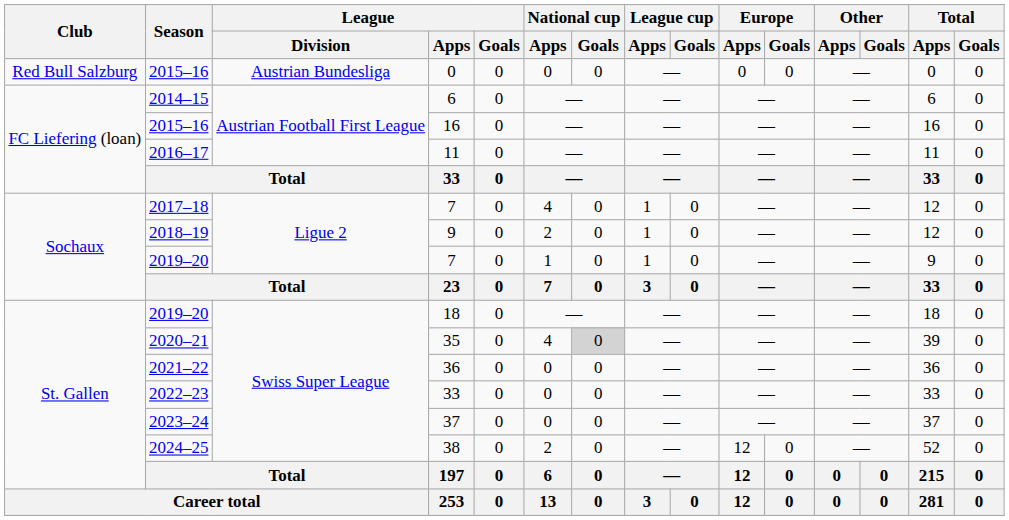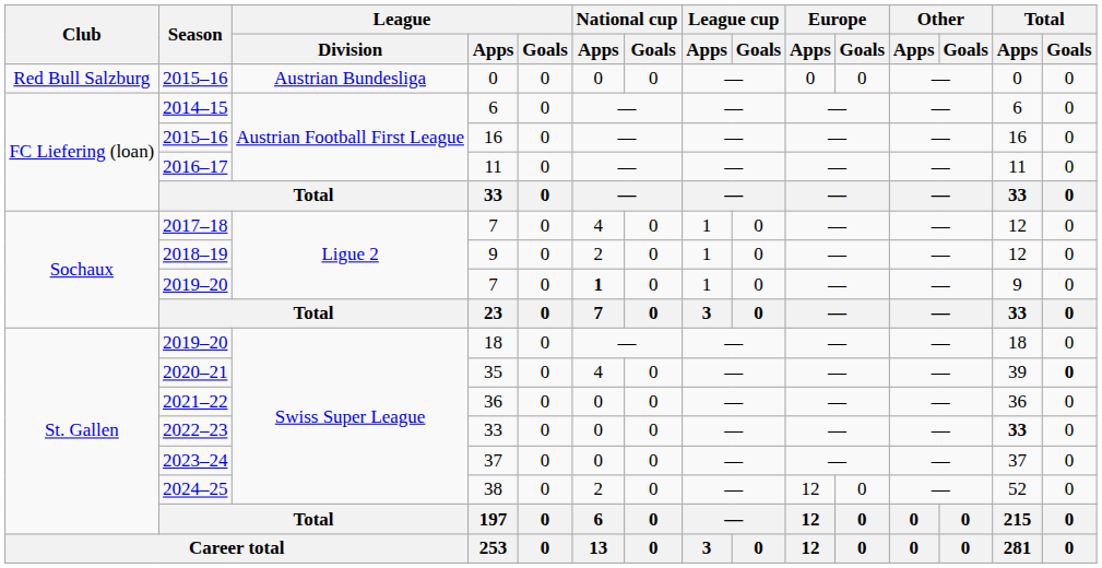 <table class="wikitable" style="text-align: center;">
 <tr>
 <th rowspan="2">Club</th>
 <th rowspan="2">Season</th>
 <th colspan="3">League</th>
 <th colspan="2">National cup</th>
 <th colspan="2">League cup</th>
 <th colspan="2">Europe</th>
 <th colspan="2">Other</th>
 <th colspan="2">Total</th>
 </tr>
 <tr>
 <th>Division</th>
 <th>Apps</th>
 <th>Goals</th>
 <th>Apps</th>
 <th>Goals</th>
 <th>Apps</th>
 <th>Goals</th>
 <th>Apps</th>
 <th>Goals</th>
 <th>Apps</th>
 <th>Goals</th>
 <th>Apps</th>
 <th>Goals</th>
 </tr>
 <tr>
 <td><a href='#'>Red Bull Salzburg</a></td>
 <td><a href='#'>2015–16</a></td>
 <td><a href='#'>Austrian Bundesliga</a></td>
 <td>0</td>
 <td>0</td>
 <td>0</td>
 <td>0</td>
 <td colspan="2">—</td>
 <td>0</td>
 <td>0</td>
 <td colspan="2">—</td>
 <td>0</td>
 <td>0</td>
 </tr>
 <tr>
 <td rowspan="4"><a href='#'>FC Liefering</a> (loan)</td>
 <td><a href='#'>2014–15</a></td>
 <td rowspan="3"><a href='#'>Austrian Football First League</a></td>
 <td>6</td>
 <td>0</td>
 <td colspan="2">—</td>
 <td colspan="2">—</td>
 <td colspan="2">—</td>
 <td colspan="2">—</td>
 <td>6</td>
 <td>0</td>
 </tr>
 <tr>
 <td><a href='#'>2015–16</a></td>
 <td>16</td>
 <td>0</td>
 <td colspan="2">—</td>
 <td colspan="2">—</td>
 <td colspan="2">—</td>
 <td colspan="2">—</td>
 <td>16</td>
 <td>0</td>
 </tr>
 <tr>
 <td><a href='#'>2016–17</a></td>
 <td>11</td>
 <td>0</td>
 <td colspan="2">—</td>
 <td colspan="2">—</td>
 <td colspan="2">—</td>
 <td colspan="2">—</td>
 <td>11</td>
 <td>0</td>
 </tr>
 <tr>
 <th colspan="2">Total</th>
 <th>33</th>
 <th>0</th>
 <th colspan="2">—</th>
 <th colspan="2">—</th>
 <th colspan="2">—</th>
 <th colspan="2">—</th>
 <th>33</th>
 <th>0</th>
 </tr>
 <tr>
 <td rowspan="4"><a href='#'>Sochaux</a></td>
 <td><a href='#'>2017–18</a></td>
 <td rowspan="3"><a href='#'>Ligue 2</a></td>
 <td>7</td>
 <td>0</td>
 <td>4</td>
 <td>0</td>
 <td>1</td>
 <td>0</td>
 <td colspan="2">—</td>
 <td colspan="2">—</td>
 <td>12</td>
 <td>0</td>
 </tr>
 <tr>
 <td><a href='#'>2018–19</a></td>
 <td>9</td>
 <td>0</td>
 <td>2</td>
 <td>0</td>
 <td>1</td>
 <td>0</td>
 <td colspan="2">—</td>
 <td colspan="2">—</td>
 <td>12</td>
 <td>0</td>
 </tr>
 <tr>
 <td><a href='#'>2019–20</a></td>
 <td>7</td>
 <td>0</td>
-<td>1</td>
+<td><strong>1</strong></td>
 <td>0</td>
 <td>1</td>
 <td>0</td>
 <td colspan="2">—</td>
 <td colspan="2">—</td>
 <td>9</td>
 <td>0</td>
 </tr>
 <tr>
 <th colspan="2">Total</th>
 <th>23</th>
 <th>0</th>
 <th>7</th>
 <th>0</th>
 <th>3</th>
 <th>0</th>
 <th colspan="2">—</th>
 <th colspan="2">—</th>
 <th>33</th>
 <th>0</th>
 </tr>
 <tr>
 <td rowspan="7"><a href='#'>St. Gallen</a></td>
 <td><a href='#'>2019–20</a></td>
 <td rowspan="6"><a href='#'>Swiss Super League</a></td>
 <td>18</td>
 <td>0</td>
 <td colspan="2">—</td>
 <td colspan="2">—</td>
 <td colspan="2">—</td>
 <td colspan="2">—</td>
 <td>18</td>
 <td>0</td>
 </tr>
 <tr>
 <td><a href='#'>2020–21</a></td>
 <td>35</td>
 <td>0</td>
 <td>4</td>
-<td style="background: lightgrey;">0</td>
+<td>0</td>
 <td colspan="2">—</td>
 <td colspan="2">—</td>
 <td colspan="2">—</td>
 <td>39</td>
-<td>0</td>
+<td><strong>0</strong></td>
 </tr>
 <tr>
 <td><a href='#'>2021–22</a></td>
 <td>36</td>
 <td>0</td>
 <td>0</td>
 <td>0</td>
 <td colspan="2">—</td>
 <td colspan="2">—</td>
 <td colspan="2">—</td>
 <td>36</td>
 <td>0</td>
 </tr>
 <tr>
 <td><a href='#'>2022–23</a></td>
 <td>33</td>
 <td>0</td>
 <td>0</td>
 <td>0</td>
 <td colspan="2">—</td>
 <td colspan="2">—</td>
 <td colspan="2">—</td>
-<td>33</td>
+<td><strong>33</strong></td>
 <td>0</td>
 </tr>
 <tr>
 <td><a href='#'>2023–24</a></td>
 <td>37</td>
 <td>0</td>
 <td>0</td>
 <td>0</td>
 <td colspan="2">—</td>
 <td colspan="2">—</td>
 <td colspan="2">—</td>
 <td>37</td>
 <td>0</td>
 </tr>
 <tr>
 <td><a href='#'>2024–25</a></td>
 <td>38</td>
 <td>0</td>
 <td>2</td>
 <td>0</td>
 <td colspan="2">—</td>
 <td>12</td>
 <td>0</td>
 <td colspan="2">—</td>
 <td>52</td>
 <td>0</td>
 </tr>
 <tr>
 <th colspan="2">Total</th>
 <th>197</th>
 <th>0</th>
 <th>6</th>
 <th>0</th>
 <th colspan="2">—</th>
 <th>12</th>
 <th>0</th>
 <th>0</th>
 <th>0</th>
 <th>215</th>
 <th>0</th>
 </tr>
 <tr>
 <th colspan="3">Career total</th>
 <th>253</th>
 <th>0</th>
 <th>13</th>
 <th>0</th>
 <th>3</th>
 <th>0</th>
 <th>12</th>
 <th>0</th>
 <th>0</th>
 <th>0</th>
 <th>281</th>
 <th>0</th>
 </tr>
 </table>
